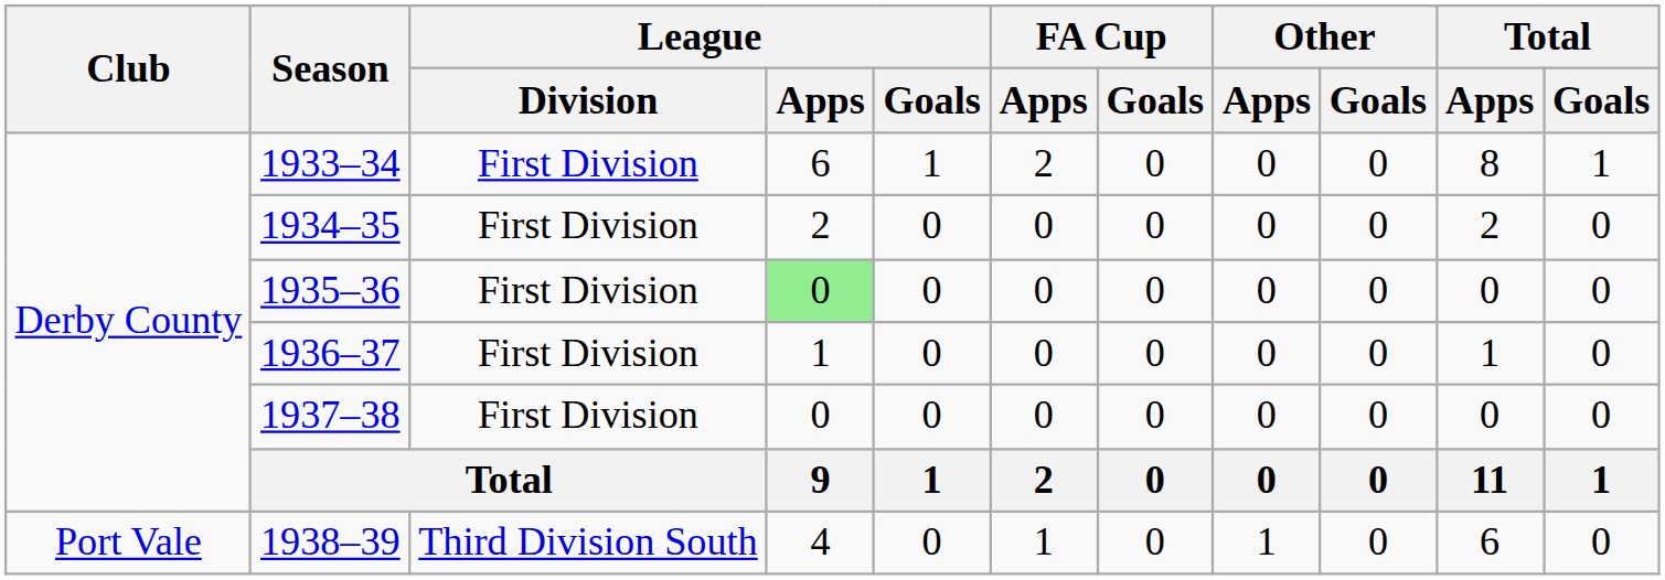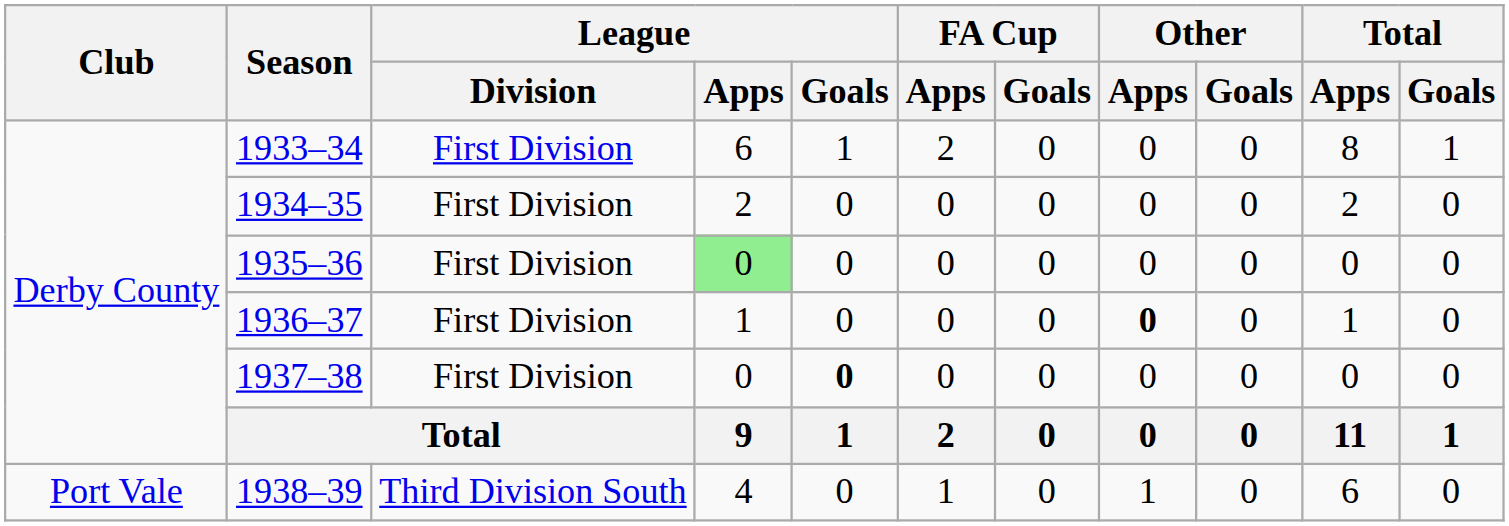 <table class="wikitable" style="text-align: center;">
 <tr>
 <th rowspan="2">Club</th>
 <th rowspan="2">Season</th>
 <th colspan="3">League</th>
 <th colspan="2">FA Cup</th>
 <th colspan="2">Other</th>
 <th colspan="2">Total</th>
 </tr>
 <tr>
 <th>Division</th>
 <th>Apps</th>
 <th>Goals</th>
 <th>Apps</th>
 <th>Goals</th>
 <th>Apps</th>
 <th>Goals</th>
 <th>Apps</th>
 <th>Goals</th>
 </tr>
 <tr>
 <td rowspan="6"><a href='#'>Derby County</a></td>
 <td><a href='#'>1933–34</a></td>
 <td><a href='#'>First Division</a></td>
 <td>6</td>
 <td>1</td>
 <td>2</td>
 <td>0</td>
 <td>0</td>
 <td>0</td>
 <td>8</td>
 <td>1</td>
 </tr>
 <tr>
 <td><a href='#'>1934–35</a></td>
 <td>First Division</td>
 <td>2</td>
 <td>0</td>
 <td>0</td>
 <td>0</td>
 <td>0</td>
 <td>0</td>
 <td>2</td>
 <td>0</td>
 </tr>
 <tr>
 <td><a href='#'>1935–36</a></td>
 <td>First Division</td>
 <td style="background: lightgreen;">0</td>
 <td>0</td>
 <td>0</td>
 <td>0</td>
 <td>0</td>
 <td>0</td>
 <td>0</td>
 <td>0</td>
 </tr>
 <tr>
 <td><a href='#'>1936–37</a></td>
 <td>First Division</td>
 <td>1</td>
 <td>0</td>
 <td>0</td>
 <td>0</td>
-<td>0</td>
+<td><strong>0</strong></td>
 <td>0</td>
 <td>1</td>
 <td>0</td>
 </tr>
 <tr>
 <td><a href='#'>1937–38</a></td>
 <td>First Division</td>
 <td>0</td>
-<td>0</td>
+<td><strong>0</strong></td>
 <td>0</td>
 <td>0</td>
 <td>0</td>
 <td>0</td>
 <td>0</td>
 <td>0</td>
 </tr>
 <tr>
 <th colspan="2">Total</th>
 <th>9</th>
 <th>1</th>
 <th>2</th>
 <th>0</th>
 <th>0</th>
 <th>0</th>
 <th>11</th>
 <th>1</th>
 </tr>
 <tr>
 <td><a href='#'>Port Vale</a></td>
 <td><a href='#'>1938–39</a></td>
 <td><a href='#'>Third Division South</a></td>
 <td>4</td>
 <td>0</td>
 <td>1</td>
 <td>0</td>
 <td>1</td>
 <td>0</td>
 <td>6</td>
 <td>0</td>
 </tr>
 </table>
